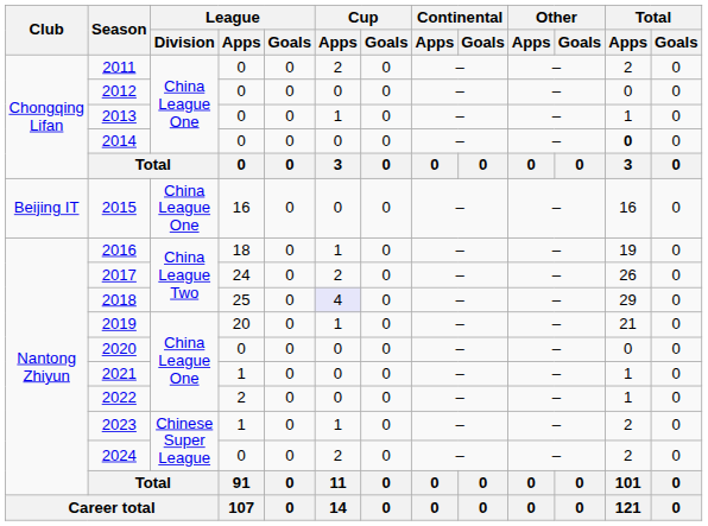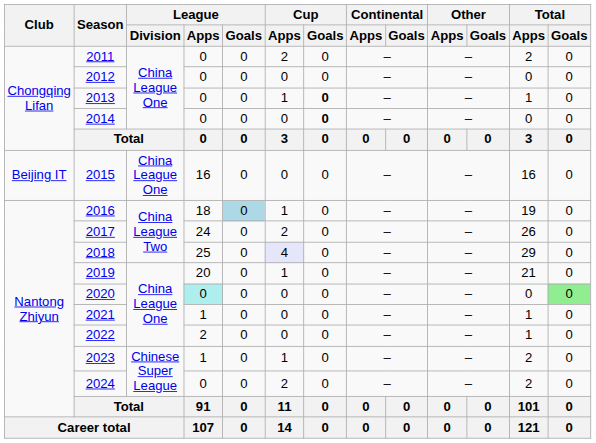 <table class="wikitable" style="text-align: center">
 <tr>
 <th rowspan="2">Club</th>
 <th rowspan="2">Season</th>
 <th colspan="3">League</th>
 <th colspan="2">Cup</th>
 <th colspan="2">Continental</th>
 <th colspan="2">Other</th>
 <th colspan="2">Total</th>
 </tr>
 <tr>
 <th>Division</th>
 <th>Apps</th>
 <th>Goals</th>
 <th>Apps</th>
 <th>Goals</th>
 <th>Apps</th>
 <th>Goals</th>
 <th>Apps</th>
 <th>Goals</th>
 <th>Apps</th>
 <th>Goals</th>
 </tr>
 <tr>
 <td rowspan="5"><a href='#'>Chongqing Lifan</a></td>
 <td><a href='#'>2011</a></td>
 <td rowspan="4"><a href='#'>China League One</a></td>
 <td>0</td>
 <td>0</td>
 <td>2</td>
 <td>0</td>
 <td colspan="2">–</td>
 <td colspan="2">–</td>
 <td>2</td>
 <td>0</td>
 </tr>
 <tr>
 <td><a href='#'>2012</a></td>
 <td>0</td>
 <td>0</td>
 <td>0</td>
 <td>0</td>
 <td colspan="2">–</td>
 <td colspan="2">–</td>
 <td>0</td>
 <td>0</td>
 </tr>
 <tr>
 <td><a href='#'>2013</a></td>
 <td>0</td>
 <td>0</td>
 <td>1</td>
-<td>0</td>
+<td><strong>0</strong></td>
 <td colspan="2">–</td>
 <td colspan="2">–</td>
 <td>1</td>
 <td>0</td>
 </tr>
 <tr>
 <td><a href='#'>2014</a></td>
 <td>0</td>
 <td>0</td>
 <td>0</td>
-<td>0</td>
+<td><strong>0</strong></td>
 <td colspan="2">–</td>
 <td colspan="2">–</td>
-<td><strong>0</strong></td>
+<td>0</td>
 <td>0</td>
 </tr>
 <tr>
 <th colspan=2>Total</th>
 <th>0</th>
 <th>0</th>
 <th>3</th>
 <th>0</th>
 <th>0</th>
 <th>0</th>
 <th>0</th>
 <th>0</th>
 <th>3</th>
 <th>0</th>
 </tr>
 <tr>
 <td><a href='#'>Beijing IT</a></td>
 <td><a href='#'>2015</a></td>
 <td><a href='#'>China League One</a></td>
 <td>16</td>
 <td>0</td>
 <td>0</td>
 <td>0</td>
 <td colspan="2">–</td>
 <td colspan="2">–</td>
 <td>16</td>
 <td>0</td>
 </tr>
 <tr>
 <td rowspan="10"><a href='#'>Nantong Zhiyun</a></td>
 <td><a href='#'>2016</a></td>
 <td rowspan="3"><a href='#'>China League Two</a></td>
 <td>18</td>
-<td>0</td>
+<td style="background: lightblue;">0</td>
 <td>1</td>
 <td>0</td>
 <td colspan="2">–</td>
 <td colspan="2">–</td>
 <td>19</td>
 <td>0</td>
 </tr>
 <tr>
 <td><a href='#'>2017</a></td>
 <td>24</td>
 <td>0</td>
 <td>2</td>
 <td>0</td>
 <td colspan="2">–</td>
 <td colspan="2">–</td>
 <td>26</td>
 <td>0</td>
 </tr>
 <tr>
 <td><a href='#'>2018</a></td>
 <td>25</td>
 <td>0</td>
 <td style="background: lavender;">4</td>
 <td>0</td>
 <td colspan="2">–</td>
 <td colspan="2">–</td>
 <td>29</td>
 <td>0</td>
 </tr>
 <tr>
 <td><a href='#'>2019</a></td>
 <td rowspan="4"><a href='#'>China League One</a></td>
 <td>20</td>
 <td>0</td>
 <td>1</td>
 <td>0</td>
 <td colspan="2">–</td>
 <td colspan="2">–</td>
 <td>21</td>
 <td>0</td>
 </tr>
 <tr>
 <td><a href='#'>2020</a></td>
-<td>0</td>
+<td style="background: paleturquoise;">0</td>
 <td>0</td>
 <td>0</td>
 <td>0</td>
 <td colspan="2">–</td>
 <td colspan="2">–</td>
 <td>0</td>
-<td>0</td>
+<td style="background: lightgreen;">0</td>
 </tr>
 <tr>
 <td><a href='#'>2021</a></td>
 <td>1</td>
 <td>0</td>
 <td>0</td>
 <td>0</td>
 <td colspan="2">–</td>
 <td colspan="2">–</td>
 <td>1</td>
 <td>0</td>
 </tr>
 <tr>
 <td><a href='#'>2022</a></td>
 <td>2</td>
 <td>0</td>
 <td>0</td>
 <td>0</td>
 <td colspan="2">–</td>
 <td colspan="2">–</td>
 <td>1</td>
 <td>0</td>
 </tr>
 <tr>
 <td><a href='#'>2023</a></td>
 <td rowspan="2"><a href='#'>Chinese Super League</a></td>
 <td>1</td>
 <td>0</td>
 <td>1</td>
 <td>0</td>
 <td colspan="2">–</td>
 <td colspan="2">–</td>
 <td>2</td>
 <td>0</td>
 </tr>
 <tr>
 <td><a href='#'>2024</a></td>
 <td>0</td>
 <td>0</td>
 <td>2</td>
 <td>0</td>
 <td colspan="2">–</td>
 <td colspan="2">–</td>
 <td>2</td>
 <td>0</td>
 </tr>
 <tr>
 <th colspan=2>Total</th>
 <th>91</th>
 <th>0</th>
 <th>11</th>
 <th>0</th>
 <th>0</th>
 <th>0</th>
 <th>0</th>
 <th>0</th>
 <th>101</th>
 <th>0</th>
 </tr>
 <tr>
 <th colspan=3>Career total</th>
 <th>107</th>
 <th>0</th>
 <th>14</th>
 <th>0</th>
 <th>0</th>
 <th>0</th>
 <th>0</th>
 <th>0</th>
 <th>121</th>
 <th>0</th>
 </tr>
 </table>
